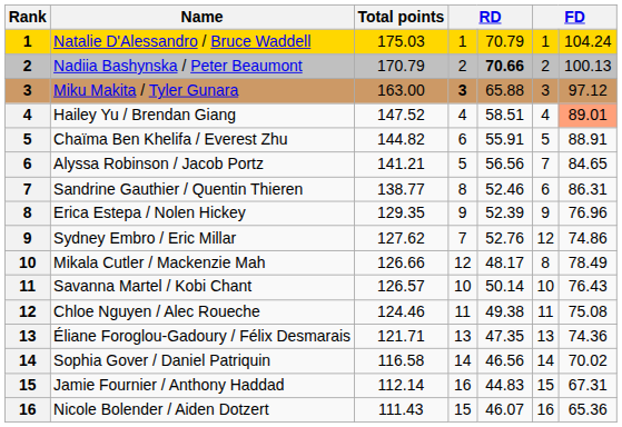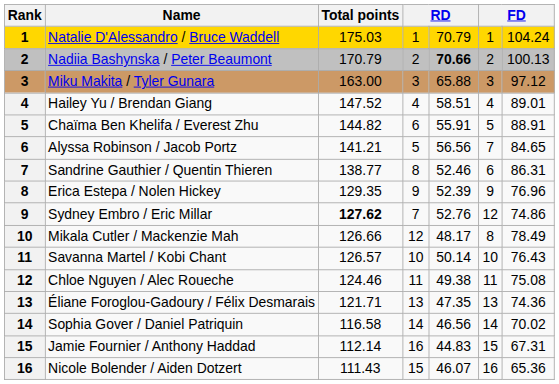 <table class="wikitable sortable">
 <tr>
 <th>Rank</th>
 <th>Name</th>
 <th>Total points</th>
 <th colspan="2" width="80px"><a href='#'>RD</a></th>
 <th colspan="2" width="80px"><a href='#'>FD</a></th>
 </tr>
 <tr bgcolor="gold">
 <td align="center"><strong>1</strong></td>
 <td><a href='#'>Natalie D'Alessandro</a> / <a href='#'>Bruce Waddell</a></td>
 <td align="center">175.03</td>
 <td align="center">1</td>
 <td align="center">70.79</td>
 <td align="center">1</td>
 <td align="center">104.24</td>
 </tr>
 <tr bgcolor="silver">
 <td align="center"><strong>2</strong></td>
 <td><a href='#'>Nadiia Bashynska</a> / <a href='#'>Peter Beaumont</a></td>
 <td align="center">170.79</td>
 <td align="center">2</td>
 <td align="center"><strong>70.66</strong></td>
 <td align="center">2</td>
 <td align="center">100.13</td>
 </tr>
 <tr bgcolor="cc9966">
 <td align="center"><strong>3</strong></td>
 <td><a href='#'>Miku Makita</a> / <a href='#'>Tyler Gunara</a></td>
 <td align="center">163.00</td>
-<td align="center"><strong>3</strong></td>
+<td align="center">3</td>
 <td align="center">65.88</td>
 <td align="center">3</td>
 <td align="center">97.12</td>
 </tr>
 <tr>
 <th>4</th>
 <td>Hailey Yu / Brendan Giang</td>
 <td align="center">147.52</td>
 <td align="center">4</td>
 <td align="center">58.51</td>
 <td align="center">4</td>
-<td align="center" style="background: lightsalmon;">89.01</td>
+<td align="center">89.01</td>
 </tr>
 <tr>
 <th>5</th>
 <td>Chaïma Ben Khelifa / Everest Zhu</td>
 <td align="center">144.82</td>
 <td align="center">6</td>
 <td align="center">55.91</td>
 <td align="center">5</td>
 <td align="center">88.91</td>
 </tr>
 <tr>
 <th>6</th>
 <td>Alyssa Robinson / Jacob Portz</td>
 <td align="center">141.21</td>
 <td align="center">5</td>
 <td align="center">56.56</td>
 <td align="center">7</td>
 <td align="center">84.65</td>
 </tr>
 <tr>
 <th>7</th>
 <td>Sandrine Gauthier / Quentin Thieren</td>
 <td align="center">138.77</td>
 <td align="center">8</td>
 <td align="center">52.46</td>
 <td align="center">6</td>
 <td align="center">86.31</td>
 </tr>
 <tr>
 <th>8</th>
 <td>Erica Estepa / Nolen Hickey</td>
 <td align="center">129.35</td>
 <td align="center">9</td>
 <td align="center">52.39</td>
 <td align="center">9</td>
 <td align="center">76.96</td>
 </tr>
 <tr>
 <th>9</th>
 <td>Sydney Embro / Eric Millar</td>
-<td align="center">127.62</td>
+<td align="center"><strong>127.62</strong></td>
 <td align="center">7</td>
 <td align="center">52.76</td>
 <td align="center">12</td>
 <td align="center">74.86</td>
 </tr>
 <tr>
 <th>10</th>
 <td>Mikala Cutler / Mackenzie Mah</td>
 <td align="center">126.66</td>
 <td align="center">12</td>
 <td align="center">48.17</td>
 <td align="center">8</td>
 <td align="center">78.49</td>
 </tr>
 <tr>
 <th>11</th>
 <td>Savanna Martel / Kobi Chant</td>
 <td align="center">126.57</td>
 <td align="center">10</td>
 <td align="center">50.14</td>
 <td align="center">10</td>
 <td align="center">76.43</td>
 </tr>
 <tr>
 <th>12</th>
 <td>Chloe Nguyen / Alec Roueche</td>
 <td align="center">124.46</td>
 <td align="center">11</td>
 <td align="center">49.38</td>
 <td align="center">11</td>
 <td align="center">75.08</td>
 </tr>
 <tr>
 <th>13</th>
 <td>Éliane Foroglou-Gadoury / Félix Desmarais</td>
 <td align="center">121.71</td>
 <td align="center">13</td>
 <td align="center">47.35</td>
 <td align="center">13</td>
 <td align="center">74.36</td>
 </tr>
 <tr>
 <th>14</th>
 <td>Sophia Gover / Daniel Patriquin</td>
 <td align="center">116.58</td>
 <td align="center">14</td>
 <td align="center">46.56</td>
 <td align="center">14</td>
 <td align="center">70.02</td>
 </tr>
 <tr>
 <th>15</th>
 <td>Jamie Fournier / Anthony Haddad</td>
 <td align="center">112.14</td>
 <td align="center">16</td>
 <td align="center">44.83</td>
 <td align="center">15</td>
 <td align="center">67.31</td>
 </tr>
 <tr>
 <th>16</th>
 <td>Nicole Bolender / Aiden Dotzert</td>
 <td align="center">111.43</td>
 <td align="center">15</td>
 <td align="center">46.07</td>
 <td align="center">16</td>
 <td align="center">65.36</td>
 </tr>
 </table>
